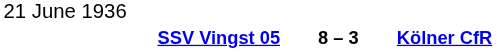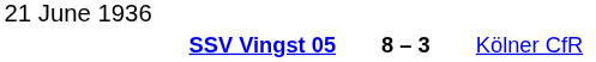 <table width=100% cellspacing=1>
 <tr>
 <th width=25%></th>
 <th width=10%></th>
 <th width=25%></th>
 <th></th>
 </tr>
 <tr>
 <td>21 June 1936</td>
 </tr>
 <tr style=font-size:90%>
 <td align=right><strong><a href='#'>SSV Vingst 05</a></strong></td>
 <td align=center><strong>8 – 3</strong></td>
-<td><strong><a href='#'>Kölner CfR</a></strong></td>
+<td><a href='#'>Kölner CfR</a></td>
 </tr>
 </table>
